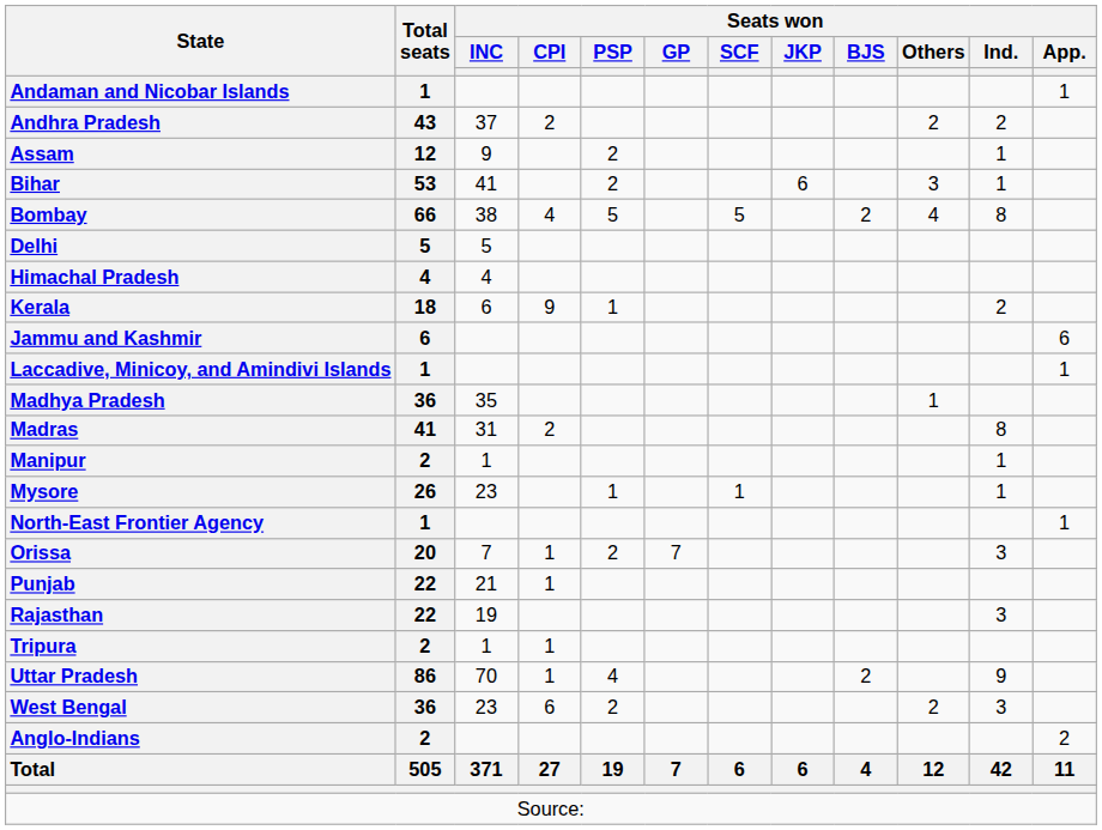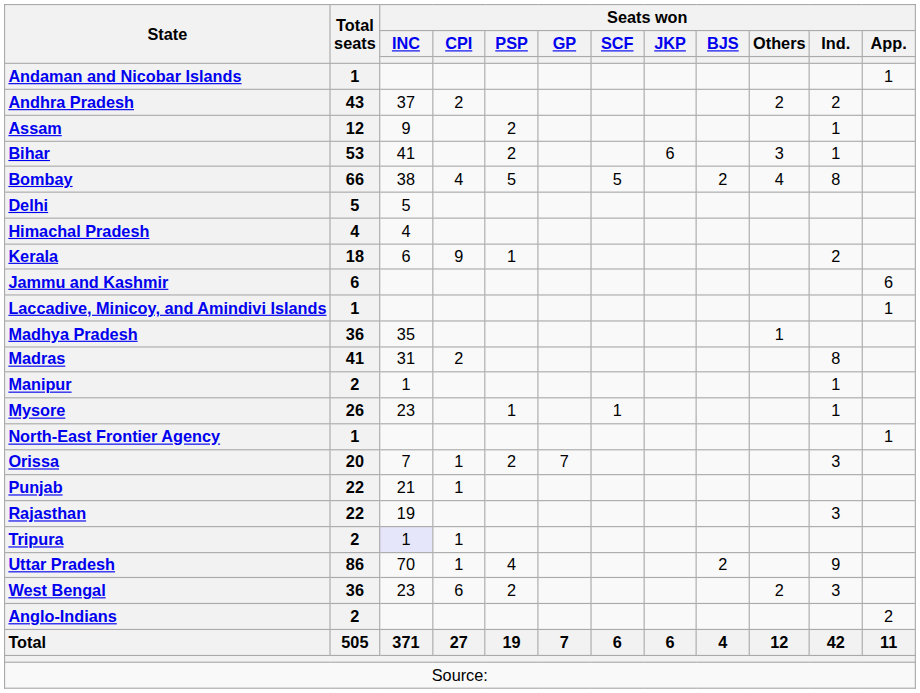 <table class=wikitable style="text-align:center; font-size: 0.9em;">
 <tr>
 <th rowspan=3>State</th>
 <th rowspan=3>Total<br>seats</th>
 <th colspan=10>Seats won</th>
 </tr>
 <tr>
 <th class="unsortable" style="width:40px;"><a href='#'>INC</a></th>
 <th class="unsortable" style="width:40px;"><a href='#'>CPI</a></th>
 <th class="unsortable" style="width:40px;"><a href='#'>PSP</a></th>
 <th class="unsortable" style="width:40px;"><a href='#'>GP</a></th>
 <th class="unsortable" style="width:40px;"><a href='#'>SCF</a></th>
 <th class="unsortable" style="width:40px;"><a href='#'>JKP</a></th>
 <th class="unsortable" style="width:40px;"><a href='#'>BJS</a></th>
 <th class="unsortable" style="width:40px;">Others</th>
 <th class="unsortable" style="width:40px;">Ind.</th>
 <th class="unsortable" style="width:40px;">App.</th>
 </tr>
 <tr>
 <th style="background:"></th>
 <th style="background:"></th>
 <th style="background:"></th>
 <th style="background:"></th>
 <th style="background:"></th>
 <th style="background:"></th>
 <th style="background:"></th>
 <th style="background:"></th>
 <th style="background:"></th>
 <th></th>
 </tr>
 <tr>
 <th style="text-align: left;"><a href='#'>Andaman and Nicobar Islands</a></th>
 <th>1</th>
 <td></td>
 <td></td>
 <td></td>
 <td></td>
 <td></td>
 <td></td>
 <td></td>
 <td></td>
 <td></td>
 <td>1</td>
 </tr>
 <tr>
 <th style="text-align: left;"><a href='#'>Andhra Pradesh</a></th>
 <th>43</th>
 <td>37</td>
 <td>2</td>
 <td></td>
 <td></td>
 <td></td>
 <td></td>
 <td></td>
 <td>2</td>
 <td>2</td>
 <td></td>
 </tr>
 <tr>
 <th style="text-align: left;"><a href='#'>Assam</a></th>
 <th>12</th>
 <td>9</td>
 <td></td>
 <td>2</td>
 <td></td>
 <td></td>
 <td></td>
 <td></td>
 <td></td>
 <td>1</td>
 <td></td>
 </tr>
 <tr>
 <th style="text-align: left;"><a href='#'>Bihar</a></th>
 <th>53</th>
 <td>41</td>
 <td></td>
 <td>2</td>
 <td></td>
 <td></td>
 <td>6</td>
 <td></td>
 <td>3</td>
 <td>1</td>
 <td></td>
 </tr>
 <tr>
 <th style="text-align: left;"><a href='#'>Bombay</a></th>
 <th>66</th>
 <td>38</td>
 <td>4</td>
 <td>5</td>
 <td></td>
 <td>5</td>
 <td></td>
 <td>2</td>
 <td>4</td>
 <td>8</td>
 <td></td>
 </tr>
 <tr>
 <th style="text-align: left;"><a href='#'>Delhi</a></th>
 <th>5</th>
 <td>5</td>
 <td></td>
 <td></td>
 <td></td>
 <td></td>
 <td></td>
 <td></td>
 <td></td>
 <td></td>
 <td></td>
 </tr>
 <tr>
 <th style="text-align: left;"><a href='#'>Himachal Pradesh</a></th>
 <th>4</th>
 <td>4</td>
 <td></td>
 <td></td>
 <td></td>
 <td></td>
 <td></td>
 <td></td>
 <td></td>
 <td></td>
 <td></td>
 </tr>
 <tr>
 <th style="text-align: left;"><a href='#'>Kerala</a></th>
 <th>18</th>
 <td>6</td>
 <td>9</td>
 <td>1</td>
 <td></td>
 <td></td>
 <td></td>
 <td></td>
 <td></td>
 <td>2</td>
 <td></td>
 </tr>
 <tr>
 <th style="text-align: left;"><a href='#'>Jammu and Kashmir</a></th>
 <th>6</th>
 <td></td>
 <td></td>
 <td></td>
 <td></td>
 <td></td>
 <td></td>
 <td></td>
 <td></td>
 <td></td>
 <td>6</td>
 </tr>
 <tr>
 <th><a href='#'>Laccadive, Minicoy, and Amindivi Islands</a></th>
 <th>1</th>
 <td></td>
 <td></td>
 <td></td>
 <td></td>
 <td></td>
 <td></td>
 <td></td>
 <td></td>
 <td></td>
 <td>1</td>
 </tr>
 <tr>
 <th style="text-align: left;"><a href='#'>Madhya Pradesh</a></th>
 <th>36</th>
 <td>35</td>
 <td></td>
 <td></td>
 <td></td>
 <td></td>
 <td></td>
 <td></td>
 <td>1</td>
 <td></td>
 <td></td>
 </tr>
 <tr>
 <th style="text-align: left;"><a href='#'>Madras</a></th>
 <th>41</th>
 <td>31</td>
 <td>2</td>
 <td></td>
 <td></td>
 <td></td>
 <td></td>
 <td></td>
 <td></td>
 <td>8</td>
 <td></td>
 </tr>
 <tr>
 <th style="text-align: left;"><a href='#'>Manipur</a></th>
 <th>2</th>
 <td>1</td>
 <td></td>
 <td></td>
 <td></td>
 <td></td>
 <td></td>
 <td></td>
 <td></td>
 <td>1</td>
 <td></td>
 </tr>
 <tr>
 <th style="text-align: left;"><a href='#'>Mysore</a></th>
 <th>26</th>
 <td>23</td>
 <td></td>
 <td>1</td>
 <td></td>
 <td>1</td>
 <td></td>
 <td></td>
 <td></td>
 <td>1</td>
 <td></td>
 </tr>
 <tr>
 <th style="text-align: left;"><a href='#'>North-East Frontier Agency</a></th>
 <th>1</th>
 <td></td>
 <td></td>
 <td></td>
 <td></td>
 <td></td>
 <td></td>
 <td></td>
 <td></td>
 <td></td>
 <td>1</td>
 </tr>
 <tr>
 <th style="text-align: left;"><a href='#'>Orissa</a></th>
 <th>20</th>
 <td>7</td>
 <td>1</td>
 <td>2</td>
 <td>7</td>
 <td></td>
 <td></td>
 <td></td>
 <td></td>
 <td>3</td>
 <td></td>
 </tr>
 <tr>
 <th style="text-align: left;"><a href='#'>Punjab</a></th>
 <th>22</th>
 <td>21</td>
 <td>1</td>
 <td></td>
 <td></td>
 <td></td>
 <td></td>
 <td></td>
 <td></td>
 <td></td>
 <td></td>
 </tr>
 <tr>
 <th style="text-align: left;"><a href='#'>Rajasthan</a></th>
 <th>22</th>
 <td>19</td>
 <td></td>
 <td></td>
 <td></td>
 <td></td>
 <td></td>
 <td></td>
 <td></td>
 <td>3</td>
 <td></td>
 </tr>
 <tr>
 <th style="text-align: left;"><a href='#'>Tripura</a></th>
 <th>2</th>
-<td>1</td>
+<td style="background: lavender;">1</td>
 <td>1</td>
 <td></td>
 <td></td>
 <td></td>
 <td></td>
 <td></td>
 <td></td>
 <td></td>
 <td></td>
 </tr>
 <tr>
 <th style="text-align: left;"><a href='#'>Uttar Pradesh</a></th>
 <th>86</th>
 <td>70</td>
 <td>1</td>
 <td>4</td>
 <td></td>
 <td></td>
 <td></td>
 <td>2</td>
 <td></td>
 <td>9</td>
 <td></td>
 </tr>
 <tr>
 <th style="text-align: left;"><a href='#'>West Bengal</a></th>
 <th>36</th>
 <td>23</td>
 <td>6</td>
 <td>2</td>
 <td></td>
 <td></td>
 <td></td>
 <td></td>
 <td>2</td>
 <td>3</td>
 <td></td>
 </tr>
 <tr>
 <th style="text-align: left;"><a href='#'>Anglo-Indians</a></th>
 <th>2</th>
 <td></td>
 <td></td>
 <td></td>
 <td></td>
 <td></td>
 <td></td>
 <td></td>
 <td></td>
 <td></td>
 <td>2</td>
 </tr>
 <tr>
 <th style="text-align: left;">Total</th>
 <th>505</th>
 <th>371</th>
 <th>27</th>
 <th>19</th>
 <th>7</th>
 <th>6</th>
 <th>6</th>
 <th>4</th>
 <th>12</th>
 <th>42</th>
 <th>11</th>
 </tr>
 <tr>
 <th colspan="12"></th>
 </tr>
 <tr>
 <td colspan="12">Source: </td>
 </tr>
 </table>
